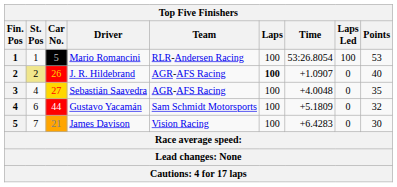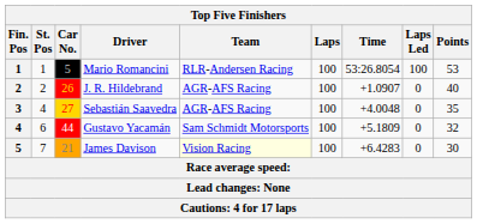 <table class="wikitable" style="font-size:95%;">
 <tr>
 <th colspan=9>Top Five Finishers</th>
 </tr>
 <tr>
 <th>Fin.<br>Pos</th>
 <th>St.<br>Pos</th>
 <th>Car<br>No.</th>
 <th>Driver</th>
 <th>Team</th>
 <th>Laps</th>
 <th>Time</th>
 <th>Laps<br>Led</th>
 <th>Points</th>
 </tr>
 <tr>
 <th>1</th>
 <td align=center>1</td>
 <td style="background:black; color:silver;" align=center>5</td>
 <td> <a href='#'>Mario Romancini</a></td>
 <td><a href='#'>RLR</a>-<a href='#'>Andersen Racing</a></td>
 <td align=center>100</td>
 <td align=right>53:26.8054</td>
 <td align=center>100</td>
 <td align=center>53</td>
 </tr>
 <tr>
 <th>2</th>
-<td align=center style="background: khaki;">2</td>
+<td align=center>2</td>
 <td style="background:red; color:gold;" align=center>26</td>
 <td> <a href='#'>J. R. Hildebrand</a></td>
 <td><a href='#'>AGR</a>-<a href='#'>AFS Racing</a></td>
-<td align=center><strong>100</strong></td>
+<td align=center>100</td>
 <td align=right>+1.0907</td>
 <td align=center>0</td>
 <td align=center>40</td>
 </tr>
 <tr>
 <th>3</th>
 <td align=center>4</td>
 <td style="background:gold; color:red;" align=center>27</td>
 <td> <a href='#'>Sebastián Saavedra</a></td>
 <td><a href='#'>AGR</a>-<a href='#'>AFS Racing</a></td>
 <td align=center>100</td>
 <td align=right>+4.0048</td>
 <td align=center>0</td>
 <td align=center>35</td>
 </tr>
 <tr>
 <th>4</th>
 <td align=center>6</td>
 <td style="background:red; color:white;" align=center>44</td>
 <td> <a href='#'>Gustavo Yacamán</a></td>
 <td><a href='#'>Sam Schmidt Motorsports</a></td>
 <td align=center>100</td>
 <td align=right>+5.1809</td>
 <td align=center>0</td>
 <td align=center>32</td>
 </tr>
 <tr>
 <th>5</th>
 <td align=center>7</td>
 <td style="background:orange; color:grey;" align=center>21</td>
 <td> <a href='#'>James Davison</a></td>
-<td><a href='#'>Vision Racing</a></td>
+<td style="background: lightyellow;"><a href='#'>Vision Racing</a></td>
 <td align=center>100</td>
 <td align=right>+6.4283</td>
 <td align=center>0</td>
 <td align=center>30</td>
 </tr>
 <tr>
 <th colspan=9>Race average speed: </th>
 </tr>
 <tr>
 <th colspan=9>Lead changes: None</th>
 </tr>
 <tr>
 <th colspan=9>Cautions: 4 for 17 laps</th>
 </tr>
 </table>
